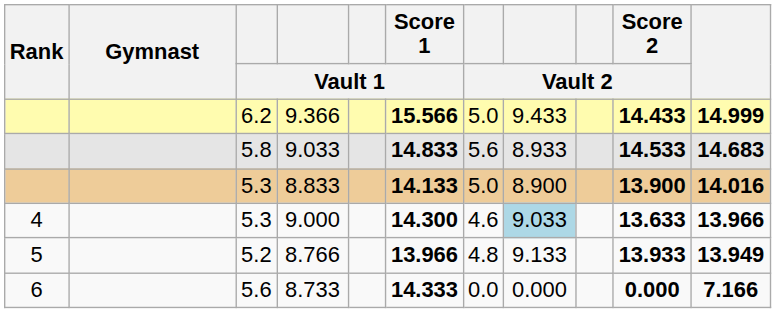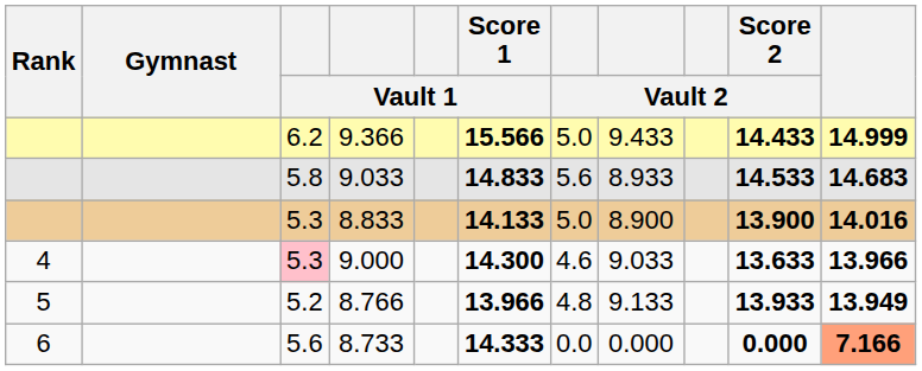 <table class="wikitable sortable" style="text-align:center; font-size:100%">
 <tr>
 <th rowspan=2 style="width:10px;">Rank</th>
 <th rowspan=2 style="width:115px;">Gymnast</th>
 <th colspan=1 style="width:20px;"></th>
 <th colspan=1 style="width:45px;"></th>
 <th colspan=1 style="width:20px;"></th>
 <th colspan=1 style="width:45px;">Score 1</th>
 <th colspan=1 style="width:20px;"></th>
 <th colspan=1 style="width:45px;"></th>
 <th colspan=1 style="width:20px;"></th>
 <th colspan=1 style="width:50px;">Score 2</th>
 <th rowspan=2 style="width:50px;"></th>
 </tr>
 <tr>
 <th colspan=4>Vault 1</th>
 <th colspan=4>Vault 2</th>
 </tr>
 <tr style="background:#fffcaf;">
 <td scope=row style="text-align:center"></td>
 <td align=left></td>
 <td>6.2</td>
 <td>9.366</td>
 <td></td>
 <td><strong>15.566</strong></td>
 <td>5.0</td>
 <td>9.433</td>
 <td></td>
 <td><strong>14.433</strong></td>
 <td><strong>14.999</strong></td>
 </tr>
 <tr style="background:#e5e5e5;">
 <td scope=row style="text-align:center"></td>
 <td align=left></td>
 <td>5.8</td>
 <td>9.033</td>
 <td></td>
 <td><strong>14.833</strong></td>
 <td>5.6</td>
 <td>8.933</td>
 <td></td>
 <td><strong>14.533</strong></td>
 <td><strong>14.683</strong></td>
 </tr>
 <tr style="background:#ec9;">
 <td scope=row style="text-align:center"></td>
 <td align=left></td>
 <td>5.3</td>
 <td>8.833</td>
 <td></td>
 <td><strong>14.133</strong></td>
 <td>5.0</td>
 <td>8.900</td>
 <td></td>
 <td><strong>13.900</strong></td>
 <td><strong>14.016</strong></td>
 </tr>
 <tr>
 <td scope=row style="text-align:center">4</td>
 <td align=left></td>
-<td>5.3</td>
+<td style="background: pink;">5.3</td>
 <td>9.000</td>
 <td></td>
 <td><strong>14.300</strong></td>
 <td>4.6</td>
-<td style="background: lightblue;">9.033</td>
+<td>9.033</td>
 <td></td>
 <td><strong>13.633</strong></td>
 <td><strong>13.966</strong></td>
 </tr>
 <tr>
 <td scope=row style="text-align:center">5</td>
 <td align=left></td>
 <td>5.2</td>
 <td>8.766</td>
 <td></td>
 <td><strong>13.966</strong></td>
 <td>4.8</td>
 <td>9.133</td>
 <td></td>
 <td><strong>13.933</strong></td>
 <td><strong>13.949</strong></td>
 </tr>
 <tr>
 <td scope=row style="text-align:center">6</td>
 <td align=left></td>
 <td>5.6</td>
 <td>8.733</td>
 <td></td>
 <td><strong>14.333</strong></td>
 <td>0.0</td>
 <td>0.000</td>
 <td></td>
 <td><strong>0.000</strong></td>
-<td><strong>7.166</strong></td>
+<td style="background: lightsalmon;"><strong>7.166</strong></td>
 </tr>
 </table>
